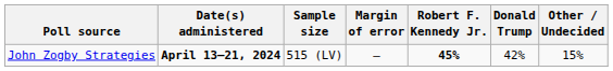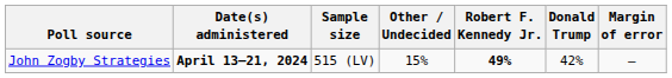 <table class="wikitable sortable mw-datatable" style="font-size:90%;text-align:center;line-height:17px">
 <tr valign=bottom>
 <th>Poll source</th>
 <th>Date(s)<br>administered</th>
 <th>Sample<br>size</th>
-<th>Margin<br>of error</th>
+<th class="unsortable">Other /<br>Undecided</th>
 <th class="unsortable">Robert F.<br>Kennedy Jr.<br></th>
 <th class="unsortable">Donald<br>Trump<br></th>
-<th class="unsortable">Other /<br>Undecided</th>
+<th>Margin<br>of error</th>
 </tr>
 <tr>
 <td style="text-align:left;"><a href='#'>John Zogby Strategies</a></td>
 <td data-sort-value="2024-05-01"><strong>April 13–21, 2024</strong></td>
 <td>515 (LV)</td>
+<td>15%</td>
+<td style="background-color:"><strong>49%</strong></td>
+<td>42%</td>
 <td>–</td>
-<td style="background-color:"><strong>45%</strong></td>
-<td>42%</td>
-<td>15%</td>
 </tr>
 </table>
